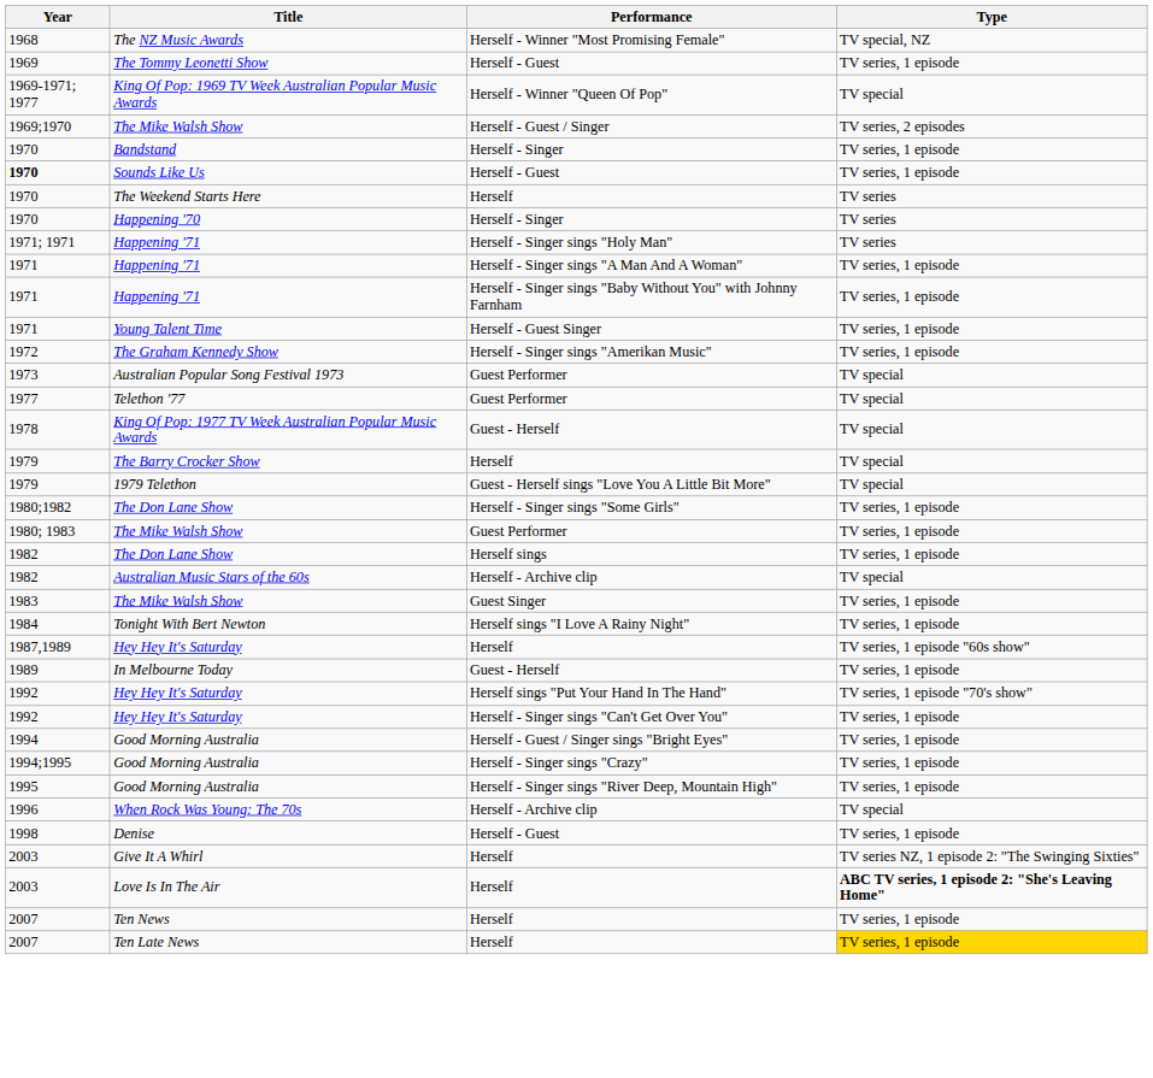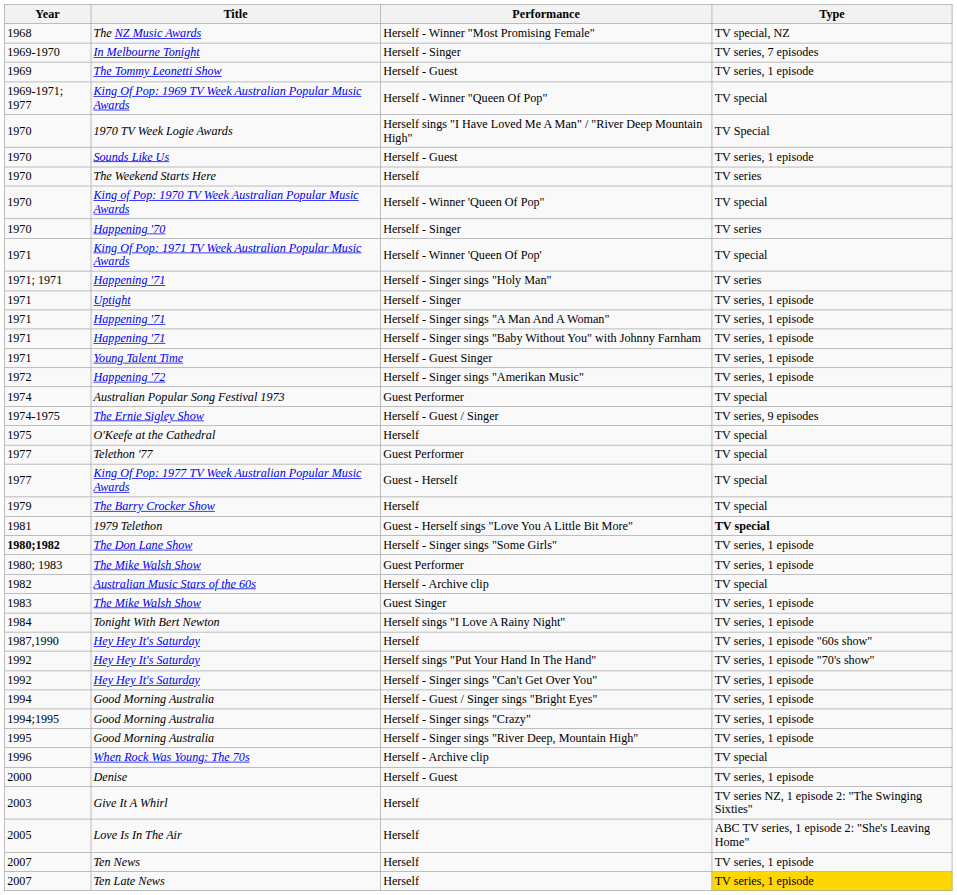 <table class="wikitable">
 <tr>
 <th>Year</th>
 <th>Title</th>
 <th>Performance</th>
 <th>Type</th>
 </tr>
 <tr>
 <td>1968</td>
 <td><em>The <a href='#'>NZ Music Awards</a></em></td>
 <td>Herself - Winner "Most Promising Female"</td>
 <td>TV special, NZ</td>
 </tr>
 <tr>
+<td>1969-1970</td>
+<td><em><a href='#'>In Melbourne Tonight</a></em></td>
+<td>Herself - Singer</td>
+<td>TV series, 7 episodes</td>
+</tr>
+<tr>
 <td>1969</td>
 <td><em><a href='#'>The Tommy Leonetti Show</a></em></td>
 <td>Herself - Guest</td>
 <td>TV series, 1 episode</td>
 </tr>
 <tr>
 <td>1969-1971; 1977</td>
 <td><em><a href='#'>King Of Pop: 1969 TV Week Australian Popular Music Awards</a></em></td>
 <td>Herself - Winner "Queen Of Pop"</td>
 <td>TV special</td>
 </tr>
 <tr>
-<td>1969;1970</td>
-<td><em><a href='#'>The Mike Walsh Show</a></em></td>
-<td>Herself - Guest / Singer</td>
-<td>TV series, 2 episodes</td>
+<td>1970</td>
+<td><em>1970 TV Week Logie Awards</em></td>
+<td>Herself sings "I Have Loved Me A Man" / "River Deep Mountain High"</td>
+<td>TV Special</td>
 </tr>
 <tr>
 <td>1970</td>
-<td><em><a href='#'>Bandstand</a></em></td>
-<td>Herself - Singer</td>
-<td>TV series, 1 episode</td>
-</tr>
-<tr>
-<td><strong>1970</strong></td>
 <td><em><a href='#'>Sounds Like Us</a></em></td>
 <td>Herself - Guest</td>
 <td>TV series, 1 episode</td>
 </tr>
 <tr>
 <td>1970</td>
 <td><em>The Weekend Starts Here</em></td>
 <td>Herself</td>
 <td>TV series</td>
 </tr>
 <tr>
 <td>1970</td>
+<td><em><a href='#'>King of Pop: 1970 TV Week Australian Popular Music Awards</a></em></td>
+<td>Herself - Winner 'Queen Of Pop"</td>
+<td>TV special</td>
+</tr>
+<tr>
+<td>1970</td>
 <td><em><a href='#'>Happening '70</a></em></td>
 <td>Herself - Singer</td>
 <td>TV series</td>
+</tr>
+<tr>
+<td>1971</td>
+<td><em><a href='#'>King Of Pop: 1971 TV Week Australian Popular Music Awards</a></em></td>
+<td>Herself - Winner 'Queen Of Pop'</td>
+<td>TV special</td>
 </tr>
 <tr>
 <td>1971; 1971</td>
 <td><em><a href='#'>Happening '71</a></em></td>
 <td>Herself - Singer sings "Holy Man"</td>
 <td>TV series</td>
+</tr>
+<tr>
+<td>1971</td>
+<td><em><a href='#'>Uptight</a></em></td>
+<td>Herself - Singer</td>
+<td>TV series, 1 episode</td>
 </tr>
 <tr>
 <td>1971</td>
 <td><em><a href='#'>Happening '71</a></em></td>
 <td>Herself - Singer sings "A Man And A Woman"</td>
 <td>TV series, 1 episode</td>
 </tr>
 <tr>
 <td>1971</td>
 <td><em><a href='#'>Happening '71</a></em></td>
 <td>Herself - Singer sings "Baby Without You" with Johnny Farnham</td>
 <td>TV series, 1 episode</td>
 </tr>
 <tr>
 <td>1971</td>
 <td><em><a href='#'>Young Talent Time</a></em></td>
 <td>Herself - Guest Singer</td>
 <td>TV series, 1 episode</td>
 </tr>
 <tr>
 <td>1972</td>
-<td><em><a href='#'>The Graham Kennedy Show</a></em></td>
+<td><em><a href='#'>Happening '72</a></em></td>
 <td>Herself - Singer sings "Amerikan Music"</td>
 <td>TV series, 1 episode</td>
 </tr>
 <tr>
-<td>1973</td>
+<td>1974</td>
 <td><em>Australian Popular Song Festival 1973</em></td>
 <td>Guest Performer</td>
+<td>TV special</td>
+</tr>
+<tr>
+<td>1974-1975</td>
+<td><em><a href='#'>The Ernie Sigley Show</a></em></td>
+<td>Herself - Guest / Singer</td>
+<td>TV series, 9 episodes</td>
+</tr>
+<tr>
+<td>1975</td>
+<td><em>O'Keefe at the Cathedral</em></td>
+<td>Herself</td>
 <td>TV special</td>
 </tr>
 <tr>
 <td>1977</td>
 <td><em>Telethon '77</em></td>
 <td>Guest Performer</td>
 <td>TV special</td>
 </tr>
 <tr>
-<td>1978</td>
+<td>1977</td>
 <td><em><a href='#'>King Of Pop: 1977 TV Week Australian Popular Music Awards</a></em></td>
 <td>Guest - Herself</td>
 <td>TV special</td>
 </tr>
 <tr>
 <td>1979</td>
 <td><em><a href='#'>The Barry Crocker Show</a></em></td>
 <td>Herself</td>
 <td>TV special</td>
 </tr>
 <tr>
-<td>1979</td>
+<td>1981</td>
 <td><em>1979 Telethon</em></td>
 <td>Guest - Herself sings "Love You A Little Bit More"</td>
-<td>TV special</td>
+<td><strong>TV special</strong></td>
 </tr>
 <tr>
-<td>1980;1982</td>
+<td><strong>1980;1982</strong></td>
 <td><em><a href='#'>The Don Lane Show</a></em></td>
 <td>Herself - Singer sings "Some Girls"</td>
 <td>TV series, 1 episode</td>
 </tr>
 <tr>
 <td>1980; 1983</td>
 <td><em><a href='#'>The Mike Walsh Show</a></em></td>
 <td>Guest Performer</td>
-<td>TV series, 1 episode</td>
-</tr>
-<tr>
-<td>1982</td>
-<td><em><a href='#'>The Don Lane Show</a></em></td>
-<td>Herself sings</td>
 <td>TV series, 1 episode</td>
 </tr>
 <tr>
 <td>1982</td>
 <td><em><a href='#'>Australian Music Stars of the 60s</a></em></td>
 <td>Herself - Archive clip</td>
 <td>TV special</td>
 </tr>
 <tr>
 <td>1983</td>
 <td><em><a href='#'>The Mike Walsh Show</a></em></td>
 <td>Guest Singer</td>
 <td>TV series, 1 episode</td>
 </tr>
 <tr>
 <td>1984</td>
 <td><em>Tonight With Bert Newton</em></td>
 <td>Herself sings "I Love A Rainy Night"</td>
 <td>TV series, 1 episode</td>
 </tr>
 <tr>
-<td>1987,1989</td>
+<td>1987,1990</td>
 <td><em><a href='#'>Hey Hey It's Saturday</a></em></td>
 <td>Herself</td>
 <td>TV series, 1 episode "60s show"</td>
-</tr>
-<tr>
-<td>1989</td>
-<td><em>In Melbourne Today</em></td>
-<td>Guest - Herself</td>
-<td>TV series, 1 episode</td>
 </tr>
 <tr>
 <td>1992</td>
 <td><em><a href='#'>Hey Hey It's Saturday</a></em></td>
 <td>Herself sings "Put Your Hand In The Hand"</td>
 <td>TV series, 1 episode "70's show"</td>
 </tr>
 <tr>
 <td>1992</td>
 <td><em><a href='#'>Hey Hey It's Saturday</a></em></td>
 <td>Herself - Singer sings "Can't Get Over You"</td>
 <td>TV series, 1 episode</td>
 </tr>
 <tr>
 <td>1994</td>
 <td><em>Good Morning Australia</em></td>
 <td>Herself - Guest / Singer sings "Bright Eyes"</td>
 <td>TV series, 1 episode</td>
 </tr>
 <tr>
 <td>1994;1995</td>
 <td><em>Good Morning Australia</em></td>
 <td>Herself - Singer sings "Crazy"</td>
 <td>TV series, 1 episode</td>
 </tr>
 <tr>
 <td>1995</td>
 <td><em>Good Morning Australia</em></td>
 <td>Herself - Singer sings "River Deep, Mountain High"</td>
 <td>TV series, 1 episode</td>
 </tr>
 <tr>
 <td>1996</td>
 <td><em><a href='#'>When Rock Was Young: The 70s</a></em></td>
 <td>Herself - Archive clip</td>
 <td>TV special</td>
 </tr>
 <tr>
-<td>1998</td>
+<td>2000</td>
 <td><em>Denise</em></td>
 <td>Herself - Guest</td>
 <td>TV series, 1 episode</td>
 </tr>
 <tr>
 <td>2003</td>
 <td><em>Give It A Whirl</em></td>
 <td>Herself</td>
 <td>TV series NZ, 1 episode 2: "The Swinging Sixties"</td>
 </tr>
 <tr>
-<td>2003</td>
+<td>2005</td>
 <td><em>Love Is In The Air</em></td>
 <td>Herself</td>
-<td><strong>ABC TV series, 1 episode 2: "She's Leaving Home"</strong></td>
+<td>ABC TV series, 1 episode 2: "She's Leaving Home"</td>
 </tr>
 <tr>
 <td>2007</td>
 <td><em>Ten News</em></td>
 <td>Herself</td>
 <td>TV series, 1 episode</td>
 </tr>
 <tr>
 <td>2007</td>
 <td><em>Ten Late News</em></td>
 <td>Herself</td>
 <td style="background: gold;">TV series, 1 episode</td>
 </tr>
 </table>
